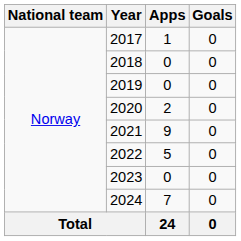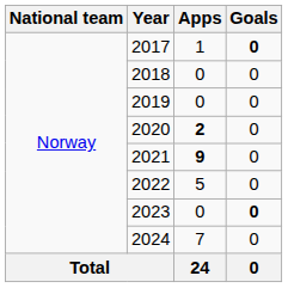 <table class=wikitable style=text-align:center>
 <tr>
 <th>National team</th>
 <th>Year</th>
 <th>Apps</th>
 <th>Goals</th>
 </tr>
 <tr>
 <td rowspan="8"><a href='#'>Norway</a></td>
 <td>2017</td>
 <td>1</td>
-<td>0</td>
+<td><strong>0</strong></td>
 </tr>
 <tr>
 <td>2018</td>
 <td>0</td>
 <td>0</td>
 </tr>
 <tr>
 <td>2019</td>
 <td>0</td>
 <td>0</td>
 </tr>
 <tr>
 <td>2020</td>
-<td>2</td>
+<td><strong>2</strong></td>
 <td>0</td>
 </tr>
 <tr>
 <td>2021</td>
-<td>9</td>
+<td><strong>9</strong></td>
 <td>0</td>
 </tr>
 <tr>
 <td>2022</td>
 <td>5</td>
 <td>0</td>
 </tr>
 <tr>
 <td>2023</td>
 <td>0</td>
-<td>0</td>
+<td><strong>0</strong></td>
 </tr>
 <tr>
 <td>2024</td>
 <td>7</td>
 <td>0</td>
 </tr>
 <tr>
 <th colspan="2">Total</th>
 <th>24</th>
 <th>0</th>
 </tr>
 </table>
